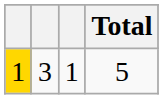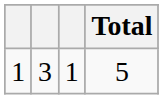 <table class="wikitable">
 <tr>
 <th></th>
 <th></th>
 <th></th>
 <th>Total</th>
 </tr>
 <tr style="text-align:center;">
-<td style="background: gold;">1</td>
+<td>1</td>
 <td>3</td>
 <td>1</td>
 <td>5</td>
 </tr>
 </table>
